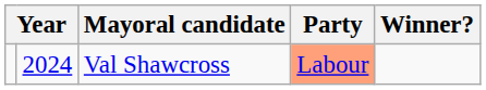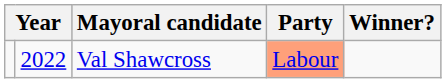 <table class="wikitable">
 <tr>
 <th colspan="2">Year</th>
 <th>Mayoral candidate</th>
 <th>Party</th>
 <th>Winner?</th>
 </tr>
 <tr>
 <td style="background-color: "></td>
-<td><a href='#'>2024</a></td>
+<td><a href='#'>2022</a></td>
 <td><a href='#'>Val Shawcross</a></td>
 <td style="background: lightsalmon;"><a href='#'>Labour</a></td>
 <td></td>
 </tr>
 </table>
